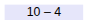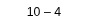 <table style="text-align:center">
 <tr>
 <th width=200></th>
 <th width=100></th>
 <th width=200></th>
 </tr>
 <tr>
 <td align=right><strong></strong></td>
-<td style="background: lavender;">10 – 4</td>
+<td>10 – 4</td>
 <td align=left></td>
 </tr>
 </table>
